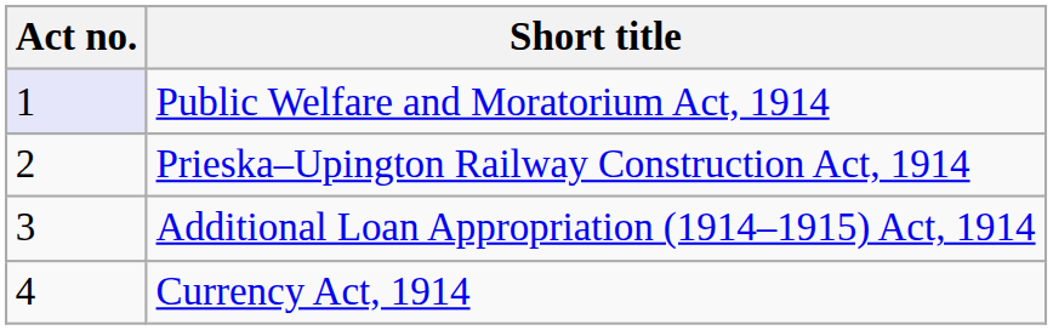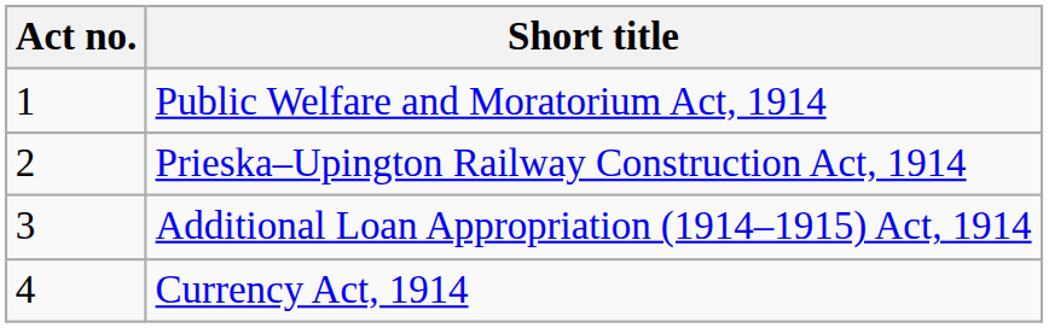 <table class="wikitable sortable">
 <tr>
 <th>Act no.</th>
 <th>Short title</th>
 </tr>
 <tr>
-<td style="background: lavender;">1</td>
+<td>1</td>
 <td><a href='#'>Public Welfare and Moratorium Act, 1914</a></td>
 </tr>
 <tr>
 <td>2</td>
 <td><a href='#'>Prieska–Upington Railway Construction Act, 1914</a></td>
 </tr>
 <tr>
 <td>3</td>
 <td><a href='#'>Additional Loan Appropriation (1914–1915) Act, 1914</a></td>
 </tr>
 <tr>
 <td>4</td>
 <td><a href='#'>Currency Act, 1914</a></td>
 </tr>
 </table>
